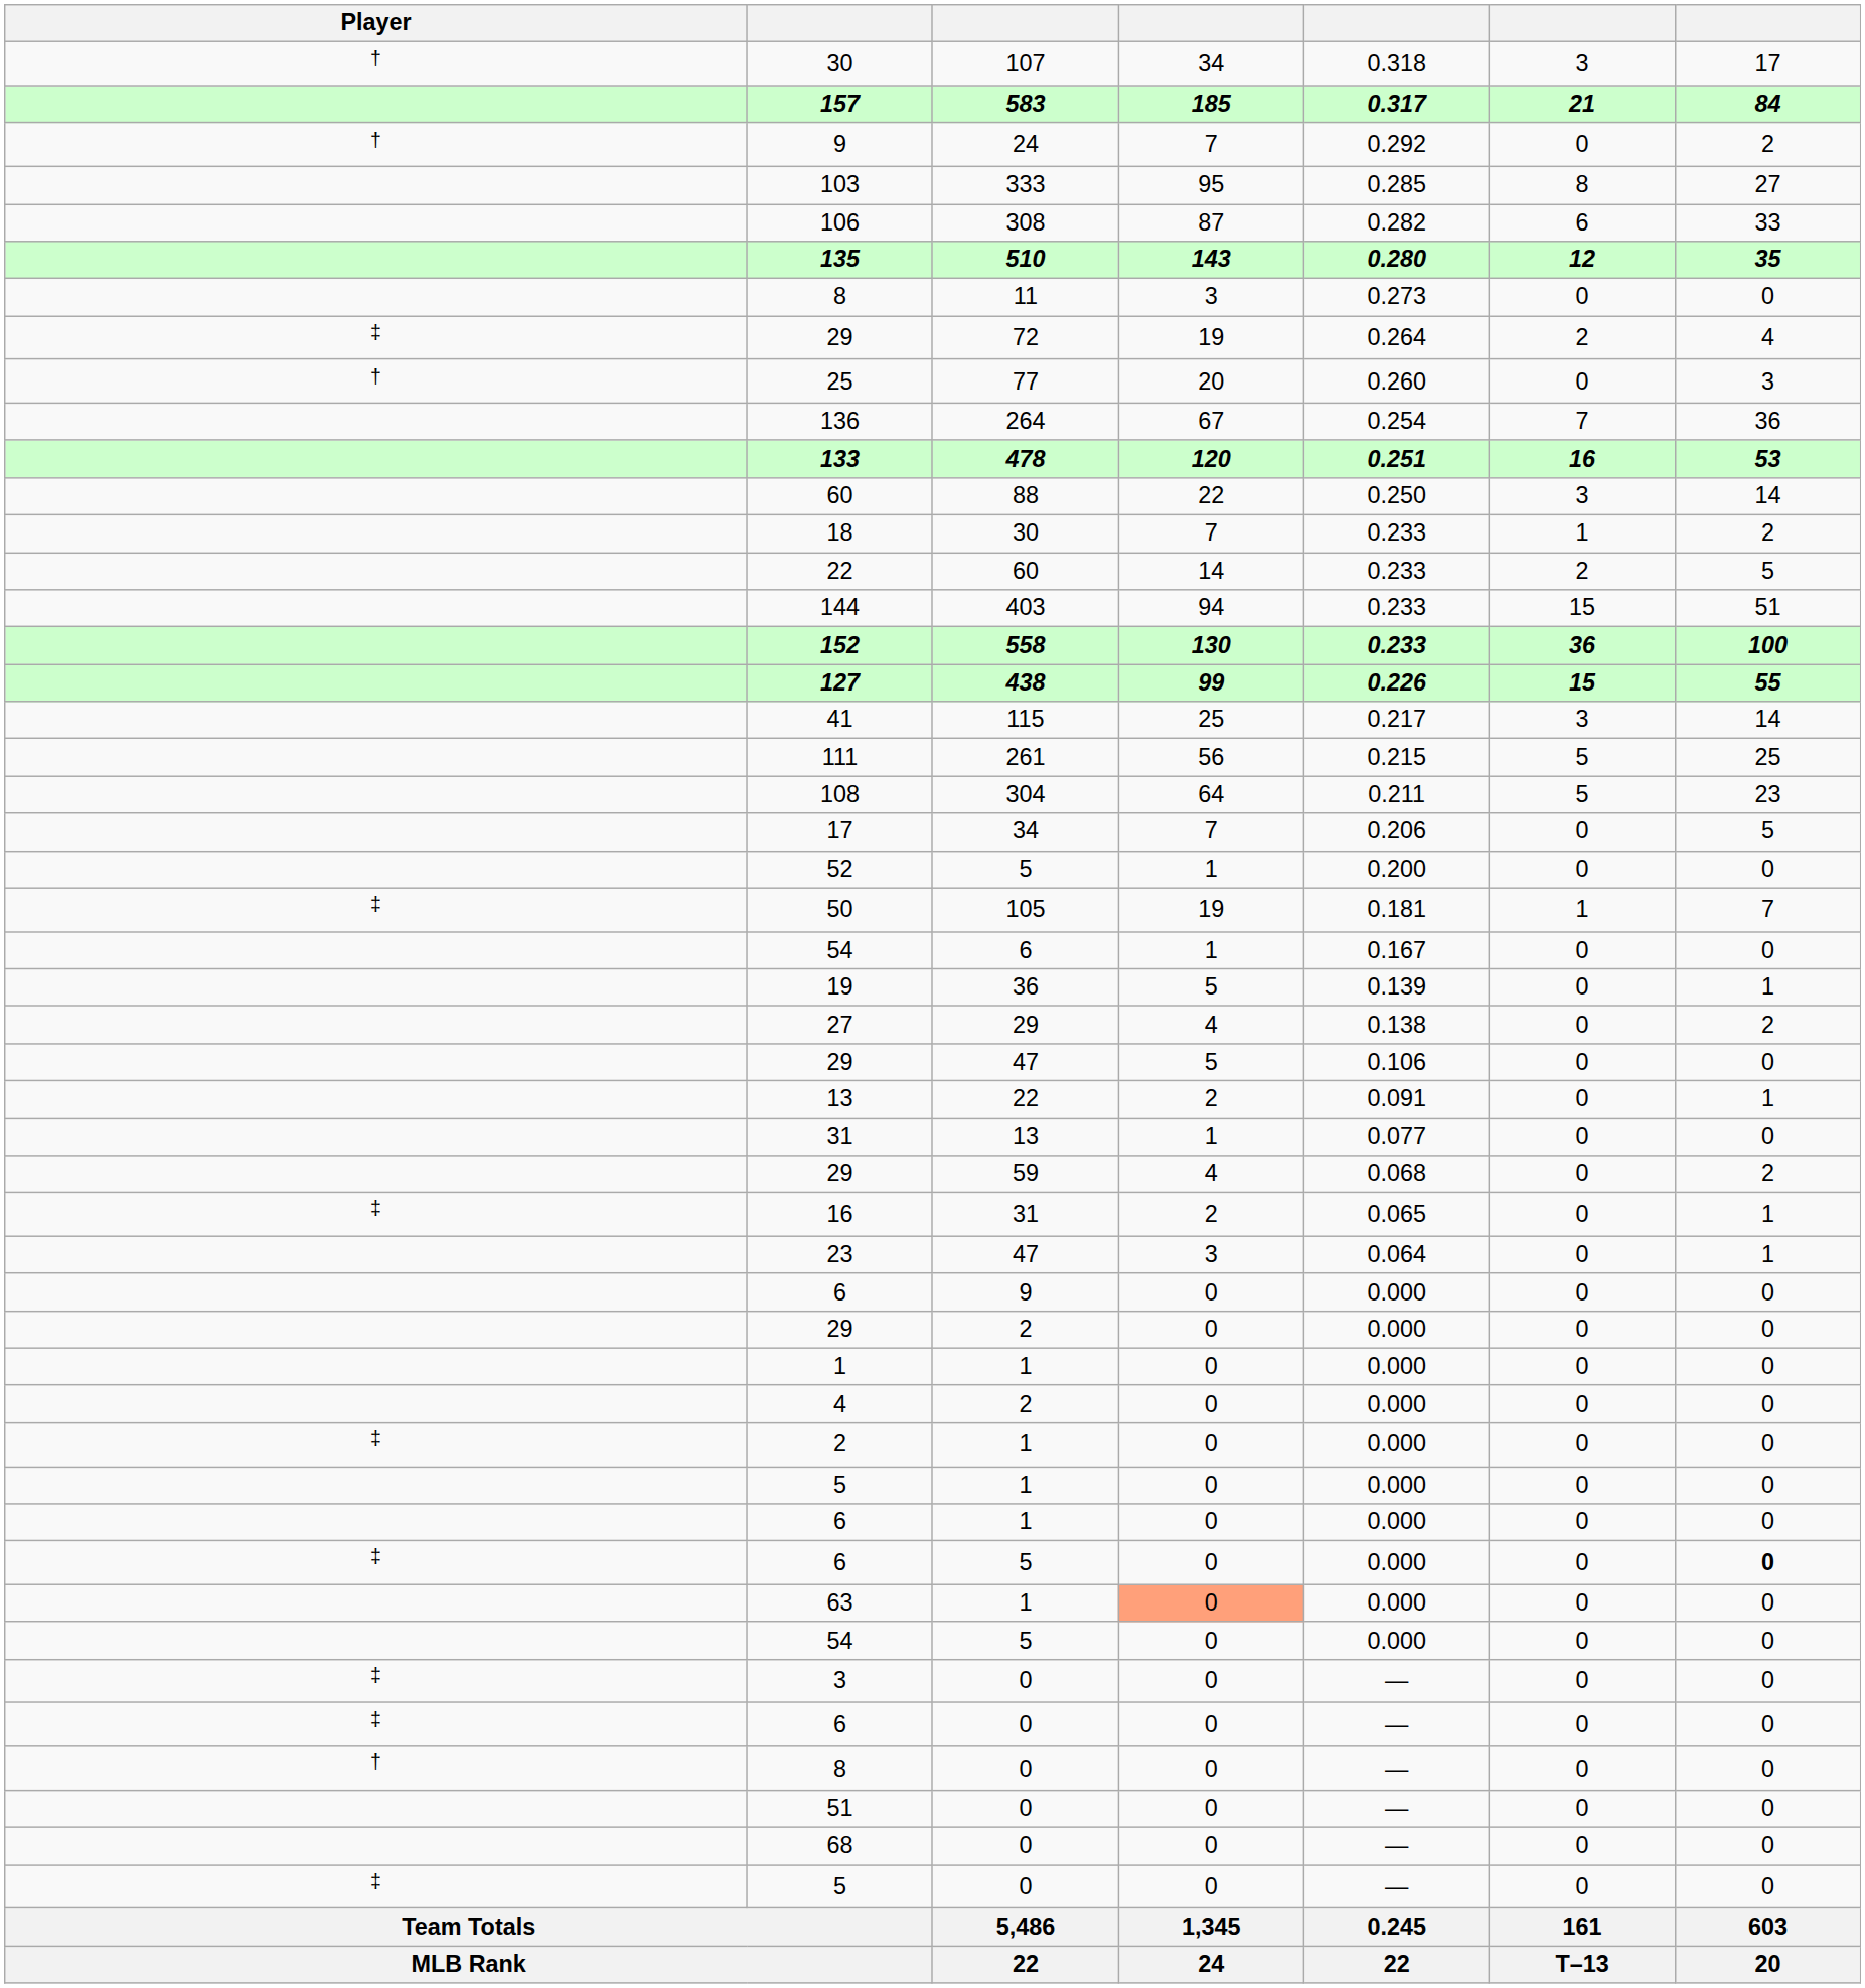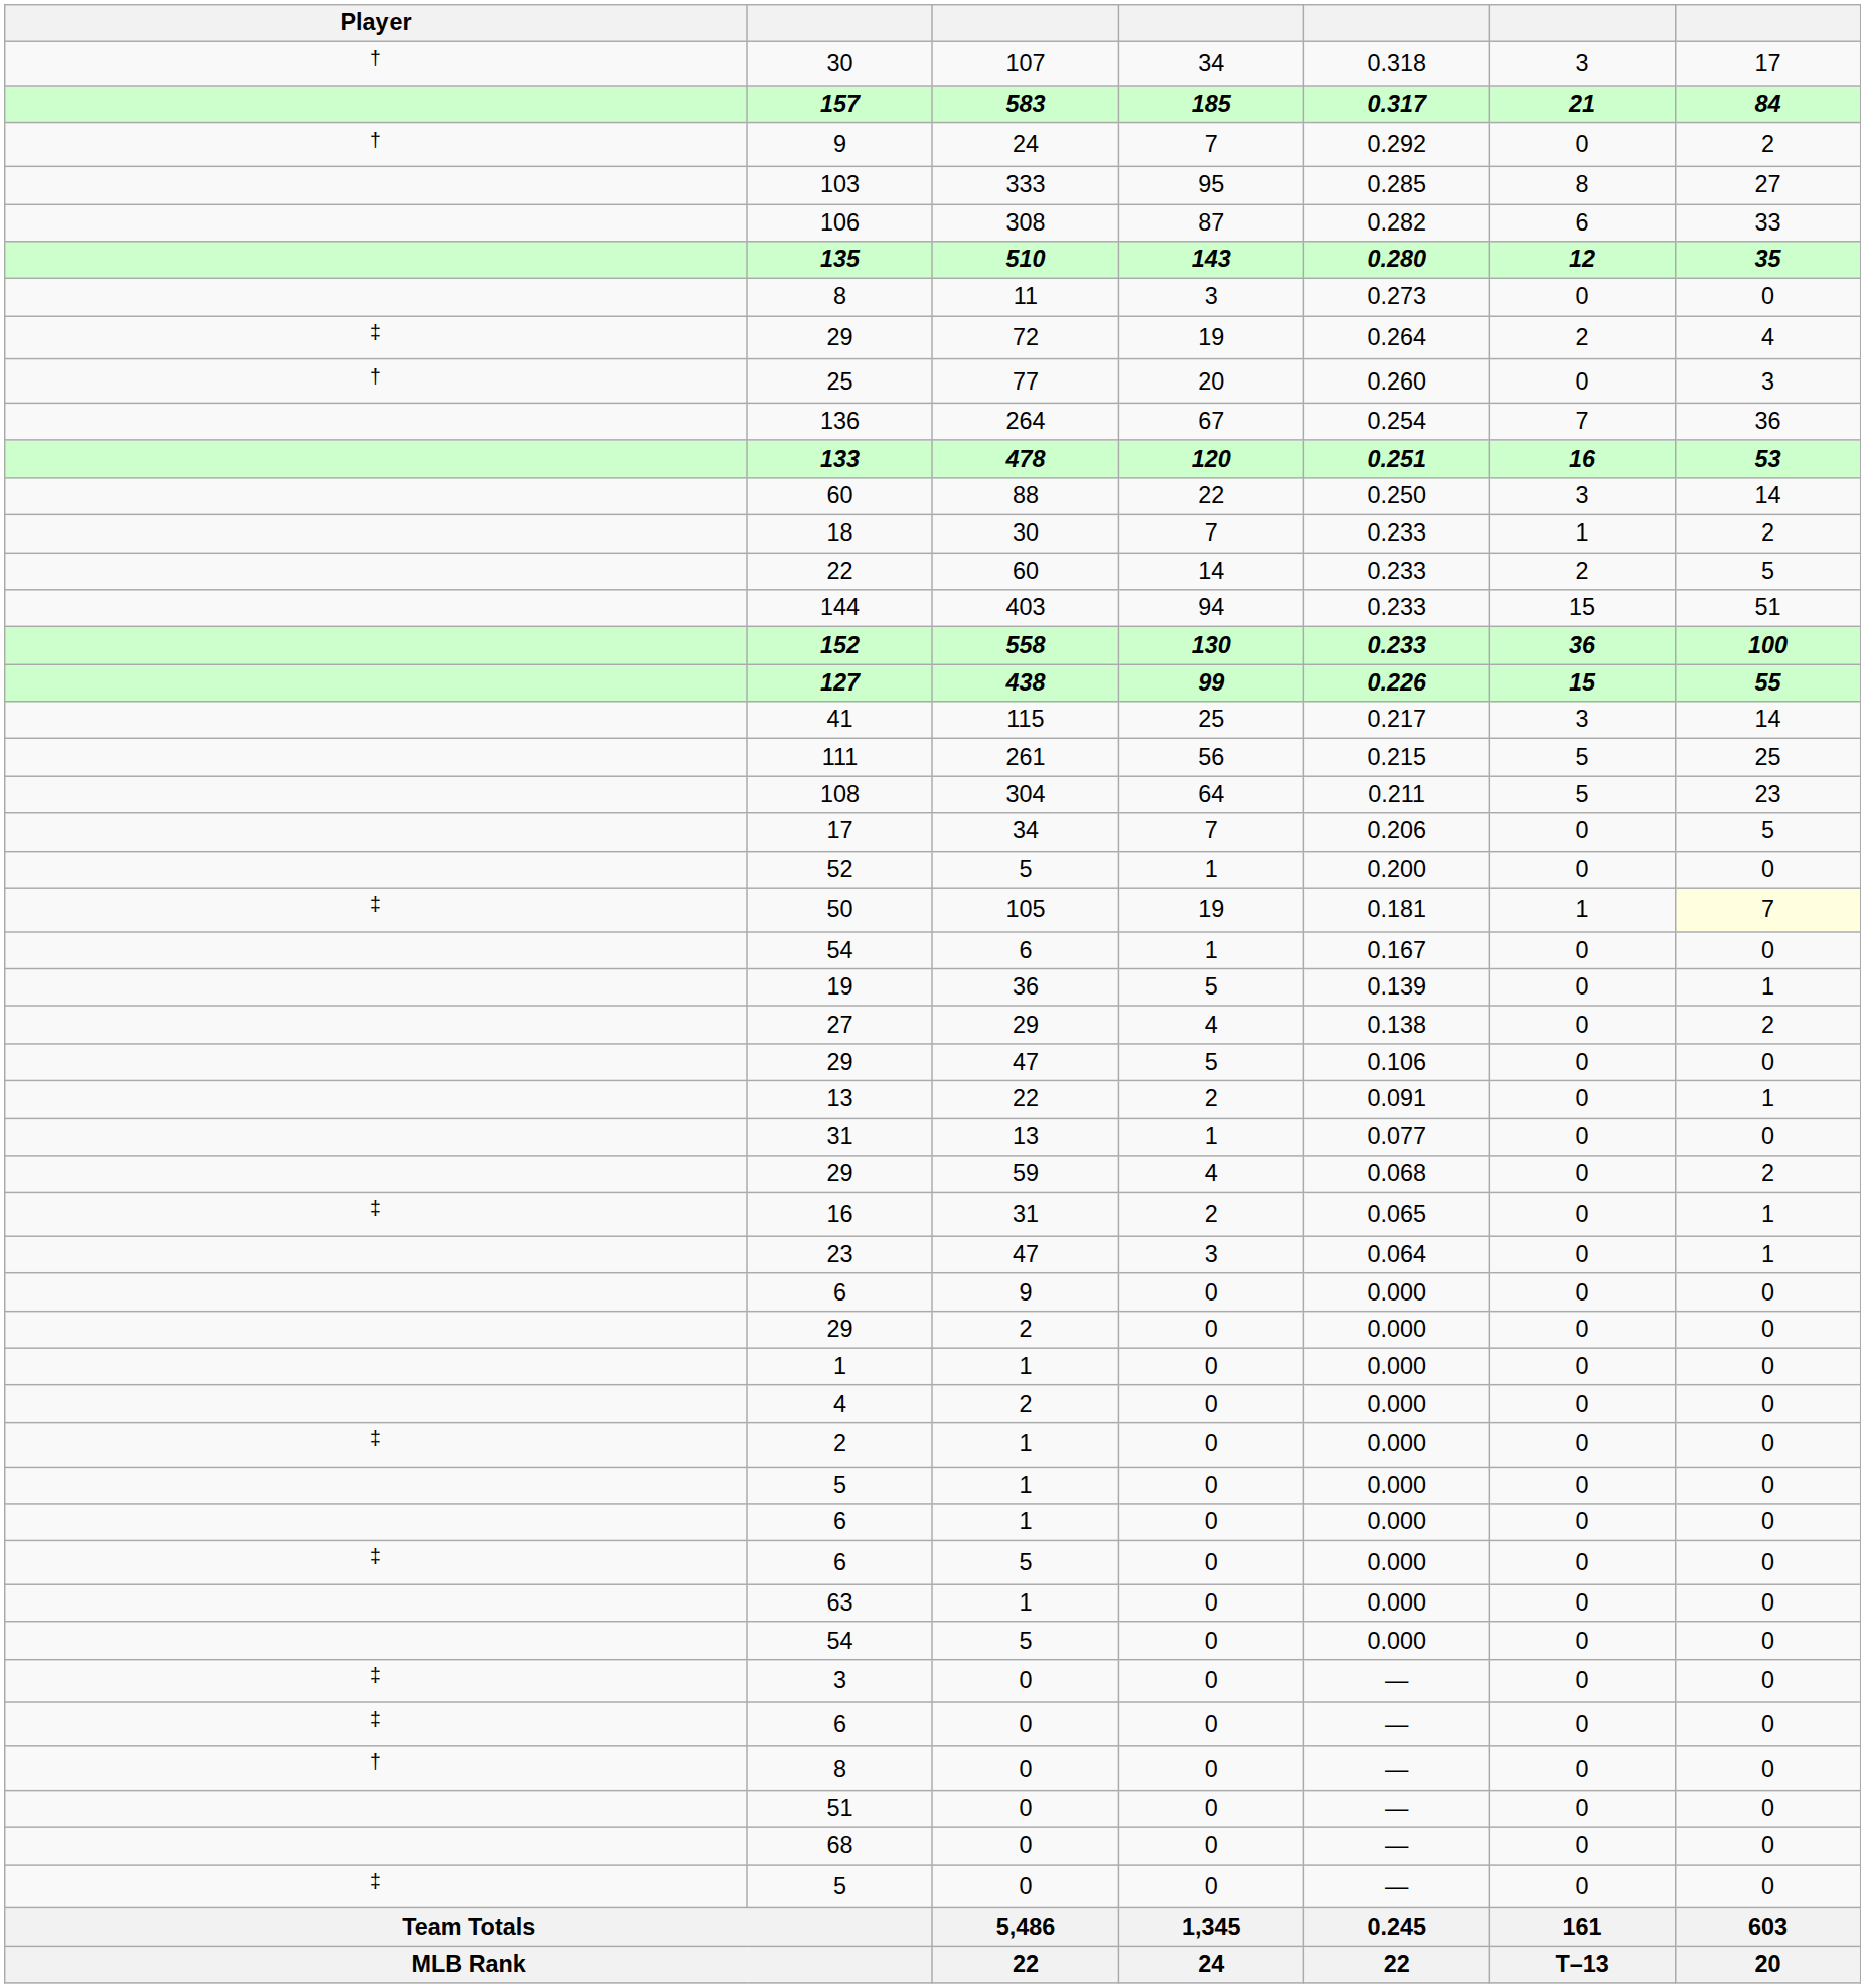 <table class="wikitable sortable" style="text-align:center;" width="100%">
 <tr>
 <th width="40%">Player</th>
 <th width="10%"></th>
 <th width="10%"></th>
 <th width="10%"></th>
 <th width="10%"></th>
 <th width="10%"></th>
 <th width="10%"></th>
 </tr>
 <tr>
 <td><sup>†</sup></td>
 <td>30</td>
 <td>107</td>
 <td>34</td>
 <td>0.318</td>
 <td>3</td>
 <td>17</td>
 </tr>
 <tr style="background:#cfc; font-weight:bold; font-style:italic;">
 <td></td>
 <td>157</td>
 <td>583</td>
 <td>185</td>
 <td>0.317</td>
 <td>21</td>
 <td>84</td>
 </tr>
 <tr>
 <td><sup>†</sup></td>
 <td>9</td>
 <td>24</td>
 <td>7</td>
 <td>0.292</td>
 <td>0</td>
 <td>2</td>
 </tr>
 <tr>
 <td></td>
 <td>103</td>
 <td>333</td>
 <td>95</td>
 <td>0.285</td>
 <td>8</td>
 <td>27</td>
 </tr>
 <tr>
 <td></td>
 <td>106</td>
 <td>308</td>
 <td>87</td>
 <td>0.282</td>
 <td>6</td>
 <td>33</td>
 </tr>
 <tr style="background:#cfc; font-weight:bold; font-style:italic;">
 <td></td>
 <td>135</td>
 <td>510</td>
 <td>143</td>
 <td>0.280</td>
 <td>12</td>
 <td>35</td>
 </tr>
 <tr>
 <td></td>
 <td>8</td>
 <td>11</td>
 <td>3</td>
 <td>0.273</td>
 <td>0</td>
 <td>0</td>
 </tr>
 <tr>
 <td><sup>‡</sup></td>
 <td>29</td>
 <td>72</td>
 <td>19</td>
 <td>0.264</td>
 <td>2</td>
 <td>4</td>
 </tr>
 <tr>
 <td><sup>†</sup></td>
 <td>25</td>
 <td>77</td>
 <td>20</td>
 <td>0.260</td>
 <td>0</td>
 <td>3</td>
 </tr>
 <tr>
 <td></td>
 <td>136</td>
 <td>264</td>
 <td>67</td>
 <td>0.254</td>
 <td>7</td>
 <td>36</td>
 </tr>
 <tr style="background:#cfc; font-weight:bold; font-style:italic;">
 <td></td>
 <td>133</td>
 <td>478</td>
 <td>120</td>
 <td>0.251</td>
 <td>16</td>
 <td>53</td>
 </tr>
 <tr>
 <td></td>
 <td>60</td>
 <td>88</td>
 <td>22</td>
 <td>0.250</td>
 <td>3</td>
 <td>14</td>
 </tr>
 <tr>
 <td></td>
 <td>18</td>
 <td>30</td>
 <td>7</td>
 <td>0.233</td>
 <td>1</td>
 <td>2</td>
 </tr>
 <tr>
 <td></td>
 <td>22</td>
 <td>60</td>
 <td>14</td>
 <td>0.233</td>
 <td>2</td>
 <td>5</td>
 </tr>
 <tr>
 <td></td>
 <td>144</td>
 <td>403</td>
 <td>94</td>
 <td>0.233</td>
 <td>15</td>
 <td>51</td>
 </tr>
 <tr style="background:#cfc; font-weight:bold; font-style:italic;">
 <td></td>
 <td>152</td>
 <td>558</td>
 <td>130</td>
 <td>0.233</td>
 <td>36</td>
 <td>100</td>
 </tr>
 <tr style="background:#cfc; font-weight:bold; font-style:italic;">
 <td></td>
 <td>127</td>
 <td>438</td>
 <td>99</td>
 <td>0.226</td>
 <td>15</td>
 <td>55</td>
 </tr>
 <tr>
 <td></td>
 <td>41</td>
 <td>115</td>
 <td>25</td>
 <td>0.217</td>
 <td>3</td>
 <td>14</td>
 </tr>
 <tr>
 <td></td>
 <td>111</td>
 <td>261</td>
 <td>56</td>
 <td>0.215</td>
 <td>5</td>
 <td>25</td>
 </tr>
 <tr>
 <td></td>
 <td>108</td>
 <td>304</td>
 <td>64</td>
 <td>0.211</td>
 <td>5</td>
 <td>23</td>
 </tr>
 <tr>
 <td></td>
 <td>17</td>
 <td>34</td>
 <td>7</td>
 <td>0.206</td>
 <td>0</td>
 <td>5</td>
 </tr>
 <tr>
 <td></td>
 <td>52</td>
 <td>5</td>
 <td>1</td>
 <td>0.200</td>
 <td>0</td>
 <td>0</td>
 </tr>
 <tr>
 <td><sup>‡</sup></td>
 <td>50</td>
 <td>105</td>
 <td>19</td>
 <td>0.181</td>
 <td>1</td>
-<td>7</td>
+<td style="background: lightyellow;">7</td>
 </tr>
 <tr>
 <td></td>
 <td>54</td>
 <td>6</td>
 <td>1</td>
 <td>0.167</td>
 <td>0</td>
 <td>0</td>
 </tr>
 <tr>
 <td></td>
 <td>19</td>
 <td>36</td>
 <td>5</td>
 <td>0.139</td>
 <td>0</td>
 <td>1</td>
 </tr>
 <tr>
 <td></td>
 <td>27</td>
 <td>29</td>
 <td>4</td>
 <td>0.138</td>
 <td>0</td>
 <td>2</td>
 </tr>
 <tr>
 <td></td>
 <td>29</td>
 <td>47</td>
 <td>5</td>
 <td>0.106</td>
 <td>0</td>
 <td>0</td>
 </tr>
 <tr>
 <td></td>
 <td>13</td>
 <td>22</td>
 <td>2</td>
 <td>0.091</td>
 <td>0</td>
 <td>1</td>
 </tr>
 <tr>
 <td></td>
 <td>31</td>
 <td>13</td>
 <td>1</td>
 <td>0.077</td>
 <td>0</td>
 <td>0</td>
 </tr>
 <tr>
 <td></td>
 <td>29</td>
 <td>59</td>
 <td>4</td>
 <td>0.068</td>
 <td>0</td>
 <td>2</td>
 </tr>
 <tr>
 <td><sup>‡</sup></td>
 <td>16</td>
 <td>31</td>
 <td>2</td>
 <td>0.065</td>
 <td>0</td>
 <td>1</td>
 </tr>
 <tr>
 <td></td>
 <td>23</td>
 <td>47</td>
 <td>3</td>
 <td>0.064</td>
 <td>0</td>
 <td>1</td>
 </tr>
 <tr>
 <td></td>
 <td>6</td>
 <td>9</td>
 <td>0</td>
 <td>0.000</td>
 <td>0</td>
 <td>0</td>
 </tr>
 <tr>
 <td></td>
 <td>29</td>
 <td>2</td>
 <td>0</td>
 <td>0.000</td>
 <td>0</td>
 <td>0</td>
 </tr>
 <tr>
 <td></td>
 <td>1</td>
 <td>1</td>
 <td>0</td>
 <td>0.000</td>
 <td>0</td>
 <td>0</td>
 </tr>
 <tr>
 <td></td>
 <td>4</td>
 <td>2</td>
 <td>0</td>
 <td>0.000</td>
 <td>0</td>
 <td>0</td>
 </tr>
 <tr>
 <td><sup>‡</sup></td>
 <td>2</td>
 <td>1</td>
 <td>0</td>
 <td>0.000</td>
 <td>0</td>
 <td>0</td>
 </tr>
 <tr>
 <td></td>
 <td>5</td>
 <td>1</td>
 <td>0</td>
 <td>0.000</td>
 <td>0</td>
 <td>0</td>
 </tr>
 <tr>
 <td></td>
 <td>6</td>
 <td>1</td>
 <td>0</td>
 <td>0.000</td>
 <td>0</td>
 <td>0</td>
 </tr>
 <tr>
 <td><sup>‡</sup></td>
 <td>6</td>
 <td>5</td>
 <td>0</td>
 <td>0.000</td>
 <td>0</td>
-<td><strong>0</strong></td>
+<td>0</td>
 </tr>
 <tr>
 <td></td>
 <td>63</td>
 <td>1</td>
-<td style="background: lightsalmon;">0</td>
+<td>0</td>
 <td>0.000</td>
 <td>0</td>
 <td>0</td>
 </tr>
 <tr>
 <td></td>
 <td>54</td>
 <td>5</td>
 <td>0</td>
 <td>0.000</td>
 <td>0</td>
 <td>0</td>
 </tr>
 <tr>
 <td><sup>‡</sup></td>
 <td>3</td>
 <td>0</td>
 <td>0</td>
 <td>—</td>
 <td>0</td>
 <td>0</td>
 </tr>
 <tr>
 <td><sup>‡</sup></td>
 <td>6</td>
 <td>0</td>
 <td>0</td>
 <td>—</td>
 <td>0</td>
 <td>0</td>
 </tr>
 <tr>
 <td><sup>†</sup></td>
 <td>8</td>
 <td>0</td>
 <td>0</td>
 <td>—</td>
 <td>0</td>
 <td>0</td>
 </tr>
 <tr>
 <td></td>
 <td>51</td>
 <td>0</td>
 <td>0</td>
 <td>—</td>
 <td>0</td>
 <td>0</td>
 </tr>
 <tr>
 <td></td>
 <td>68</td>
 <td>0</td>
 <td>0</td>
 <td>—</td>
 <td>0</td>
 <td>0</td>
 </tr>
 <tr>
 <td><sup>‡</sup></td>
 <td>5</td>
 <td>0</td>
 <td>0</td>
 <td>—</td>
 <td>0</td>
 <td>0</td>
 </tr>
 <tr>
 <th colspan="2">Team Totals</th>
 <th>5,486</th>
 <th>1,345</th>
 <th>0.245</th>
 <th>161</th>
 <th>603</th>
 </tr>
 <tr>
 <th colspan="2">MLB Rank</th>
 <th>22</th>
 <th>24</th>
 <th>22</th>
 <th>T–13</th>
 <th>20</th>
 </tr>
 </table>
